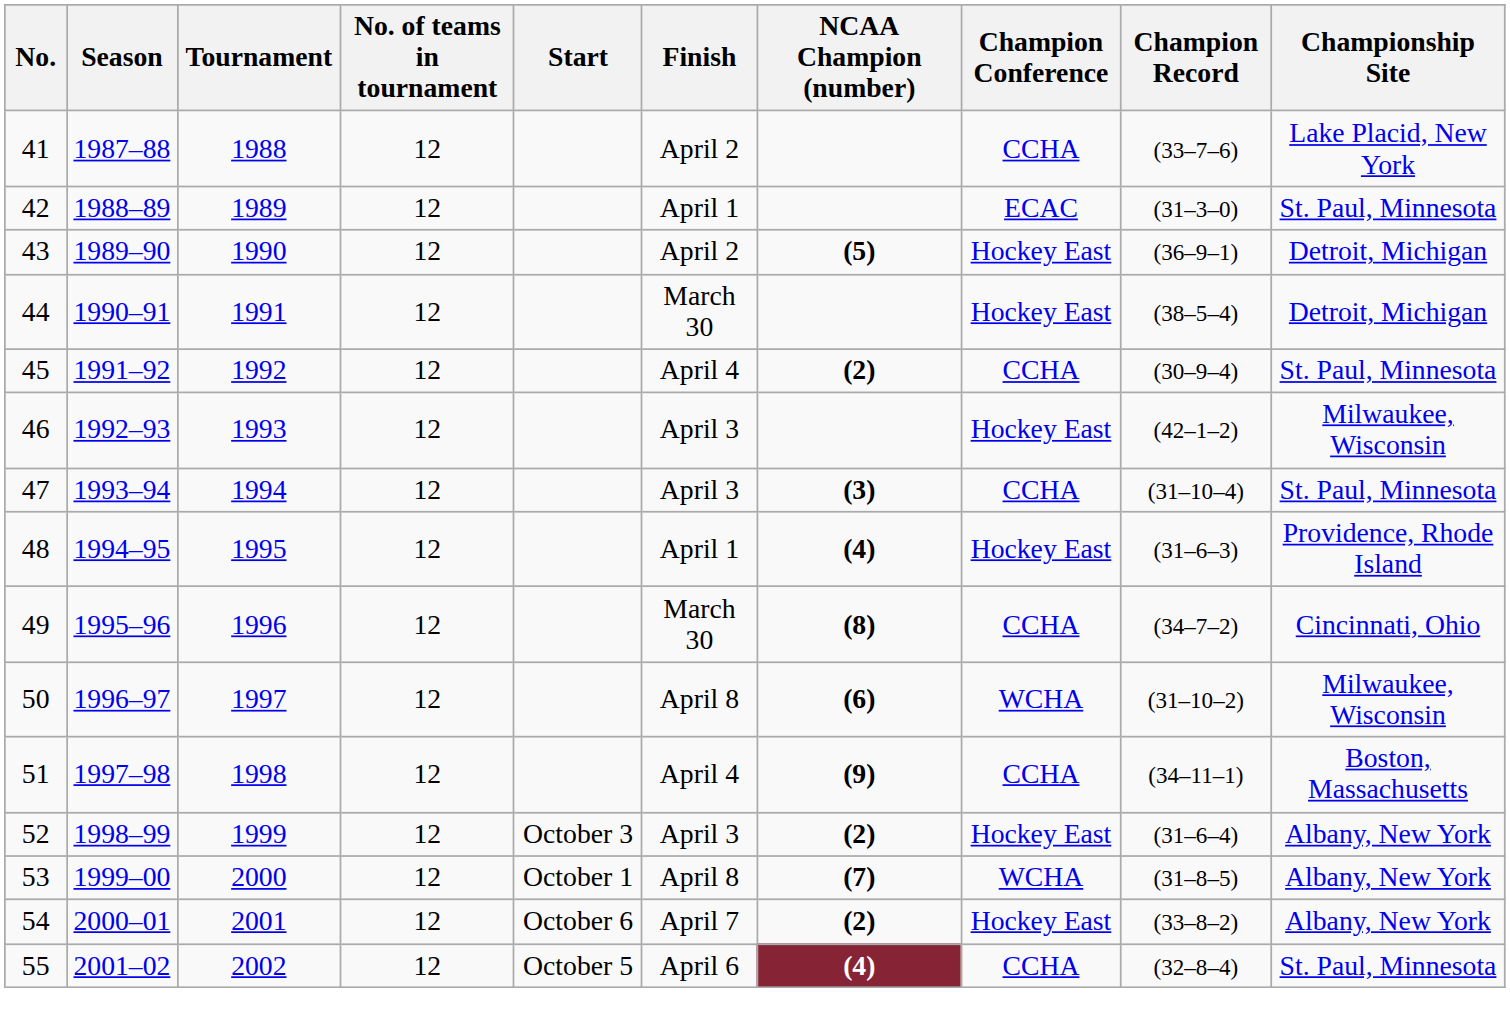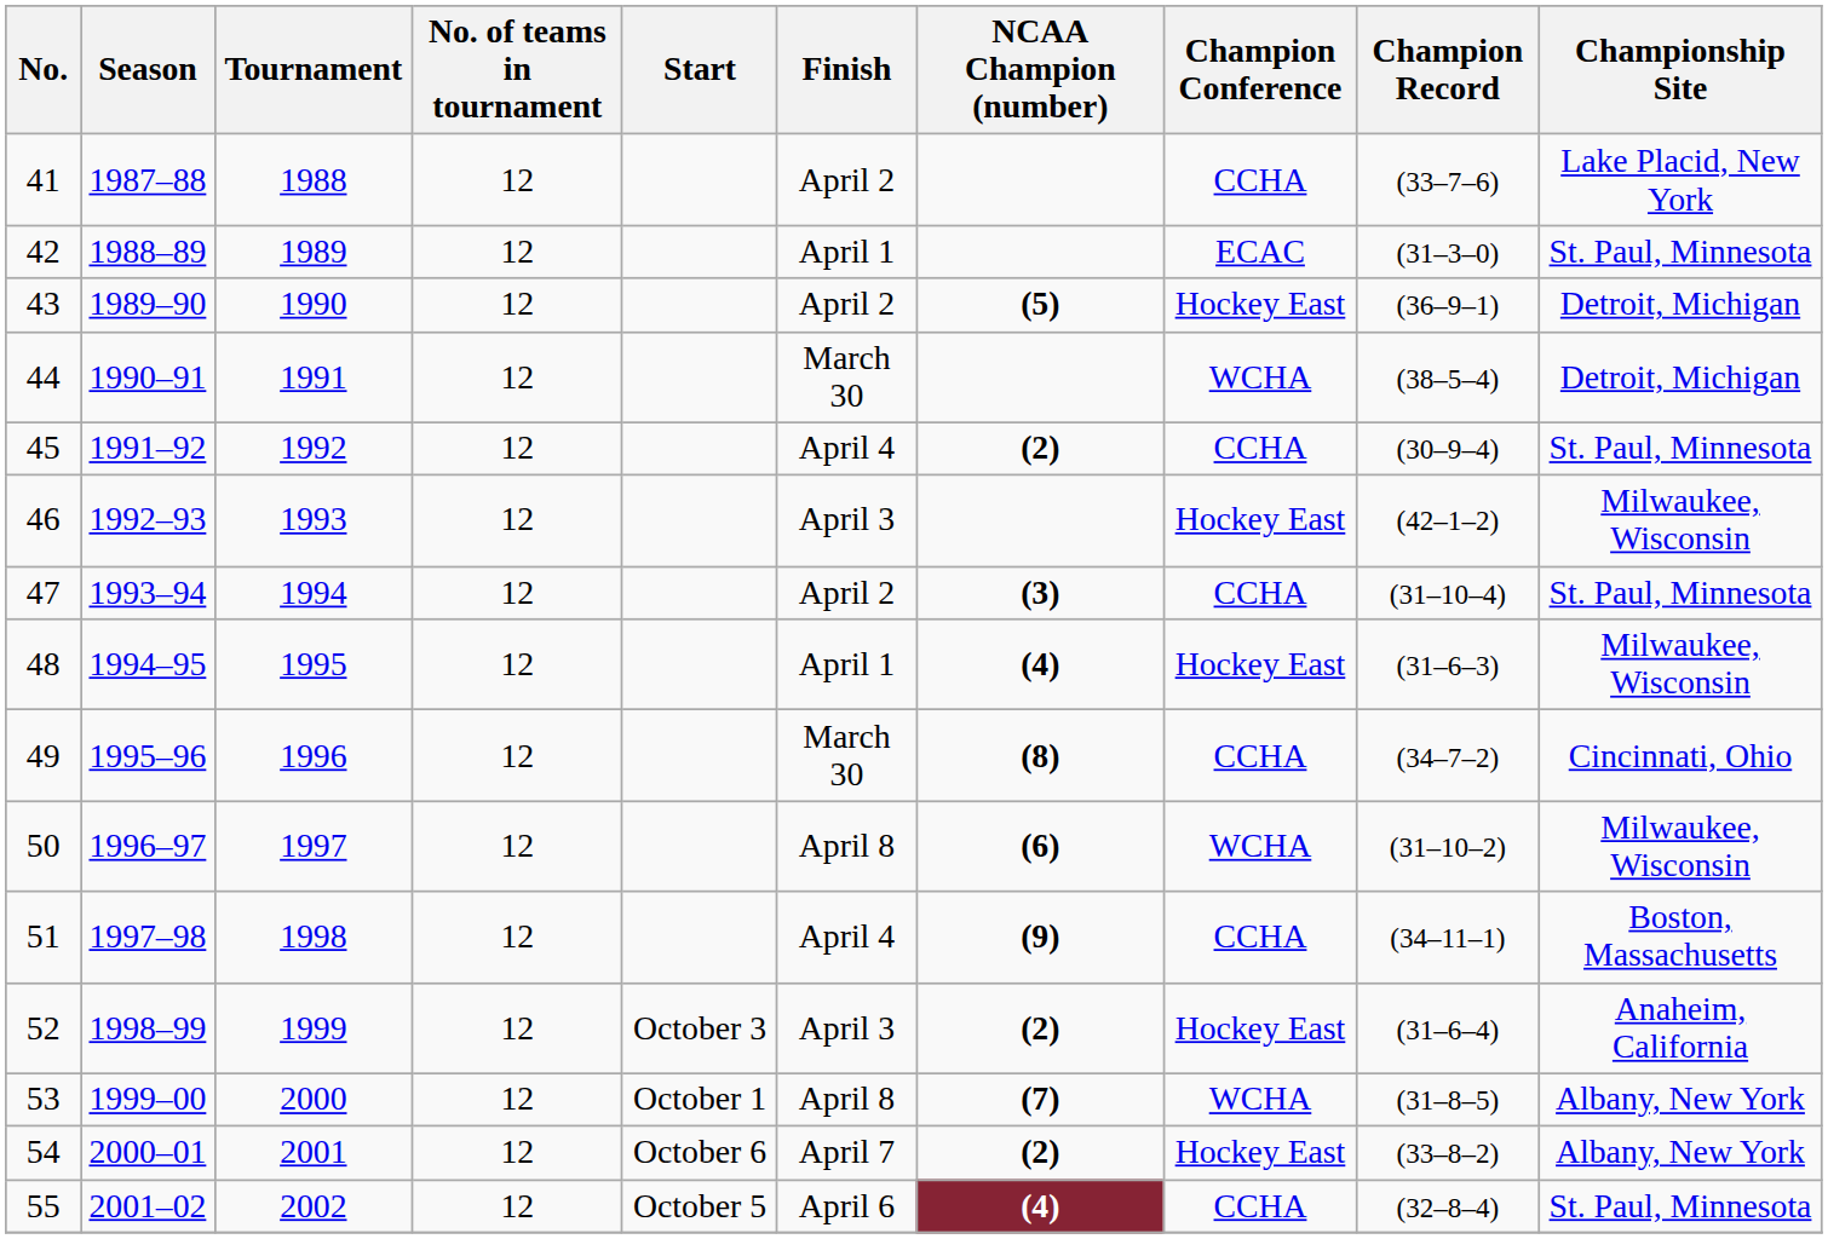 <table class="wikitable">
 <tr>
 <th style="width:3em">No.</th>
 <th style="width:6em">Season</th>
 <th style="width:6em">Tournament</th>
 <th style="width:9em">No. of teams<br>in tournament</th>
 <th style="width:8em">Start</th>
 <th style="width:8em">Finish</th>
 <th style="width:17em">NCAA Champion<br>(number)</th>
 <th style="width:7em">Champion<br>Conference</th>
 <th style="width:7em">Champion<br>Record</th>
 <th style="width:15em">Championship Site</th>
 </tr>
 <tr style="text-align:center;">
 <td>41</td>
 <td><a href='#'>1987–88</a></td>
 <td><a href='#'>1988</a></td>
 <td>12</td>
 <td></td>
 <td>April 2</td>
 <td><strong><a href='#'></a></strong></td>
 <td><a href='#'>CCHA</a></td>
 <td><small>(33–7–6)</small></td>
 <td><a href='#'>Lake Placid, New York</a></td>
 </tr>
 <tr style="text-align:center;">
 <td>42</td>
 <td><a href='#'>1988–89</a></td>
 <td><a href='#'>1989</a></td>
 <td>12</td>
 <td></td>
 <td>April 1</td>
 <td><strong><a href='#'></a></strong></td>
 <td><a href='#'>ECAC</a></td>
 <td><small>(31–3–0)</small></td>
 <td><a href='#'>St. Paul, Minnesota</a></td>
 </tr>
 <tr style="text-align:center;">
 <td>43</td>
 <td><a href='#'>1989–90</a></td>
 <td><a href='#'>1990</a></td>
 <td>12</td>
 <td></td>
 <td>April 2</td>
 <td><strong><a href='#'></a> (5)</strong></td>
 <td><a href='#'>Hockey East</a></td>
 <td><small>(36–9–1)</small></td>
 <td><a href='#'>Detroit, Michigan</a></td>
 </tr>
 <tr style="text-align:center;">
 <td>44</td>
 <td><a href='#'>1990–91</a></td>
 <td><a href='#'>1991</a></td>
 <td>12</td>
 <td></td>
 <td>March 30</td>
 <td><strong><a href='#'></a></strong></td>
-<td><a href='#'>Hockey East</a></td>
+<td><a href='#'>WCHA</a></td>
 <td><small>(38–5–4)</small></td>
 <td><a href='#'>Detroit, Michigan</a></td>
 </tr>
 <tr style="text-align:center;">
 <td>45</td>
 <td><a href='#'>1991–92</a></td>
 <td><a href='#'>1992</a></td>
 <td>12</td>
 <td></td>
 <td>April 4</td>
 <td><strong><a href='#'></a> (2)</strong></td>
 <td><a href='#'>CCHA</a></td>
 <td><small>(30–9–4)</small></td>
 <td><a href='#'>St. Paul, Minnesota</a></td>
 </tr>
 <tr style="text-align:center;">
 <td>46</td>
 <td><a href='#'>1992–93</a></td>
 <td><a href='#'>1993</a></td>
 <td>12</td>
 <td></td>
 <td>April 3</td>
 <td><strong><a href='#'></a></strong></td>
 <td><a href='#'>Hockey East</a></td>
 <td><small>(42–1–2)</small></td>
 <td><a href='#'>Milwaukee, Wisconsin</a></td>
 </tr>
 <tr style="text-align:center;">
 <td>47</td>
 <td><a href='#'>1993–94</a></td>
 <td><a href='#'>1994</a></td>
 <td>12</td>
 <td></td>
-<td>April 3</td>
+<td>April 2</td>
 <td><strong><a href='#'></a> (3)</strong></td>
 <td><a href='#'>CCHA</a></td>
 <td><small>(31–10–4)</small></td>
 <td><a href='#'>St. Paul, Minnesota</a></td>
 </tr>
 <tr style="text-align:center;">
 <td>48</td>
 <td><a href='#'>1994–95</a></td>
 <td><a href='#'>1995</a></td>
 <td>12</td>
 <td></td>
 <td>April 1</td>
 <td><strong><a href='#'></a> (4)</strong></td>
 <td><a href='#'>Hockey East</a></td>
 <td><small>(31–6–3)</small></td>
-<td><a href='#'>Providence, Rhode Island</a></td>
+<td><a href='#'>Milwaukee, Wisconsin</a></td>
 </tr>
 <tr style="text-align:center;">
 <td>49</td>
 <td><a href='#'>1995–96</a></td>
 <td><a href='#'>1996</a></td>
 <td>12</td>
 <td></td>
 <td>March 30</td>
 <td><strong><a href='#'></a> (8)</strong></td>
 <td><a href='#'>CCHA</a></td>
 <td><small>(34–7–2)</small></td>
 <td><a href='#'>Cincinnati, Ohio</a></td>
 </tr>
 <tr style="text-align:center;">
 <td>50</td>
 <td><a href='#'>1996–97</a></td>
 <td><a href='#'>1997</a></td>
 <td>12</td>
 <td></td>
 <td>April 8</td>
 <td><strong><a href='#'></a> (6)</strong></td>
 <td><a href='#'>WCHA</a></td>
 <td><small>(31–10–2)</small></td>
 <td><a href='#'>Milwaukee, Wisconsin</a></td>
 </tr>
 <tr style="text-align:center;">
 <td>51</td>
 <td><a href='#'>1997–98</a></td>
 <td><a href='#'>1998</a></td>
 <td>12</td>
 <td></td>
 <td>April 4</td>
 <td><strong><a href='#'></a> (9)</strong></td>
 <td><a href='#'>CCHA</a></td>
 <td><small>(34–11–1)</small></td>
 <td><a href='#'>Boston, Massachusetts</a></td>
 </tr>
 <tr style="text-align:center;">
 <td>52</td>
 <td><a href='#'>1998–99</a></td>
 <td><a href='#'>1999</a></td>
 <td>12</td>
 <td>October 3</td>
 <td>April 3</td>
 <td><strong><a href='#'></a> (2)</strong></td>
 <td><a href='#'>Hockey East</a></td>
 <td><small>(31–6–4)</small></td>
-<td><a href='#'>Albany, New York</a></td>
+<td><a href='#'>Anaheim, California</a></td>
 </tr>
 <tr style="text-align:center;">
 <td>53</td>
 <td><a href='#'>1999–00</a></td>
 <td><a href='#'>2000</a></td>
 <td>12</td>
 <td>October 1</td>
 <td>April 8</td>
 <td><strong><a href='#'></a> (7)</strong></td>
 <td><a href='#'>WCHA</a></td>
 <td><small>(31–8–5)</small></td>
 <td><a href='#'>Albany, New York</a></td>
 </tr>
 <tr style="text-align:center;">
 <td>54</td>
 <td><a href='#'>2000–01</a></td>
 <td><a href='#'>2001</a></td>
 <td>12</td>
 <td>October 6</td>
 <td>April 7</td>
 <td><strong><a href='#'></a> (2)</strong></td>
 <td><a href='#'>Hockey East</a></td>
 <td><small>(33–8–2)</small></td>
 <td><a href='#'>Albany, New York</a></td>
 </tr>
 <tr style="text-align:center;">
 <td>55</td>
 <td><a href='#'>2001–02</a></td>
 <td><a href='#'>2002</a></td>
 <td>12</td>
 <td>October 5</td>
 <td>April 6</td>
 <td style="color:white; background:#862334; "><strong><a href='#'></a> (4)</strong></td>
 <td><a href='#'>CCHA</a></td>
 <td><small>(32–8–4)</small></td>
 <td><a href='#'>St. Paul, Minnesota</a></td>
 </tr>
 <tr style="text-align:center;">
 </tr>
 </table>
